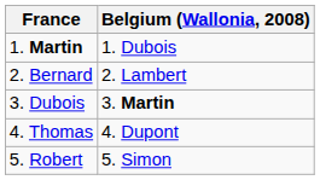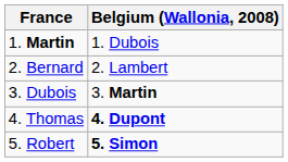 <table class="wikitable">
 <tr>
 <th>France</th>
 <th>Belgium (<a href='#'>Wallonia</a>, 2008)</th>
 </tr>
 <tr>
 <td>1. <strong>Martin</strong></td>
 <td>1. <a href='#'>Dubois</a></td>
 </tr>
 <tr>
 <td>2. <a href='#'>Bernard</a></td>
 <td>2. <a href='#'>Lambert</a></td>
 </tr>
 <tr>
 <td>3. <a href='#'>Dubois</a></td>
 <td>3. <strong>Martin</strong></td>
 </tr>
 <tr>
 <td>4. <a href='#'>Thomas</a></td>
-<td>4. <a href='#'>Dupont</a></td>
+<td><strong>4. <a href='#'>Dupont</a></strong></td>
 </tr>
 <tr>
 <td>5. <a href='#'>Robert</a></td>
-<td>5. <a href='#'>Simon</a></td>
+<td><strong>5. <a href='#'>Simon</a></strong></td>
 </tr>
 </table>
